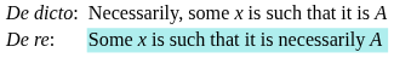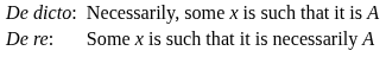 <table border="0">
 <tr>
 <td><em>De dicto</em>:</td>
 <td></td>
 <td>Necessarily, some <em>x</em> is such that it is <em>A</em></td>
 </tr>
 <tr>
 <td><em>De re</em>:</td>
 <td></td>
-<td style="background: paleturquoise;">Some <em>x</em> is such that it is necessarily <em>A</em></td>
+<td>Some <em>x</em> is such that it is necessarily <em>A</em></td>
 </tr>
 </table>
